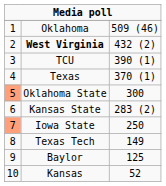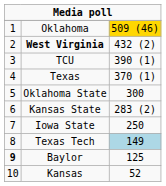 <table class="wikitable">
 <tr align="center">
 <td align="center" Colspan="3"><strong>Media poll</strong></td>
 </tr>
 <tr align="center">
 </tr>
 <tr align="center">
 <td>1</td>
 <td>Oklahoma</td>
-<td>509 (46)</td>
+<td style="background: gold;">509 (46)</td>
 </tr>
 <tr align="center">
 <td>2</td>
 <td><strong>West Virginia</strong></td>
 <td>432 (2)</td>
 </tr>
 <tr align="center">
 <td>3</td>
 <td>TCU</td>
 <td>390 (1)</td>
 </tr>
 <tr align="center">
 <td>4</td>
 <td>Texas</td>
 <td>370 (1)</td>
 </tr>
 <tr align="center">
-<td style="background: lightsalmon;">5</td>
+<td>5</td>
 <td>Oklahoma State</td>
 <td>300</td>
 </tr>
 <tr align="center">
 <td>6</td>
 <td>Kansas State</td>
 <td>283 (2)</td>
 </tr>
 <tr align="center">
-<td style="background: lightsalmon;">7</td>
+<td>7</td>
 <td>Iowa State</td>
 <td>250</td>
 </tr>
 <tr align="center">
 <td>8</td>
 <td>Texas Tech</td>
-<td>149</td>
+<td style="background: lightblue;">149</td>
 </tr>
 <tr align="center">
-<td>9</td>
+<td><strong>9</strong></td>
 <td>Baylor</td>
 <td>125</td>
 </tr>
 <tr align="center">
 <td>10</td>
 <td>Kansas</td>
 <td>52</td>
 </tr>
 </table>
